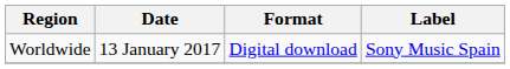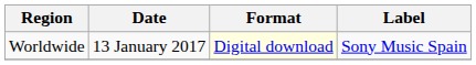 <table class=wikitable>
 <tr>
 <th>Region</th>
 <th>Date</th>
 <th>Format</th>
 <th>Label</th>
 </tr>
 <tr>
 <td>Worldwide</td>
 <td>13 January 2017</td>
-<td><a href='#'>Digital download</a></td>
+<td style="background: lightyellow;"><a href='#'>Digital download</a></td>
 <td><a href='#'>Sony Music Spain</a></td>
 </tr>
 <tr>
 </tr>
 </table>
